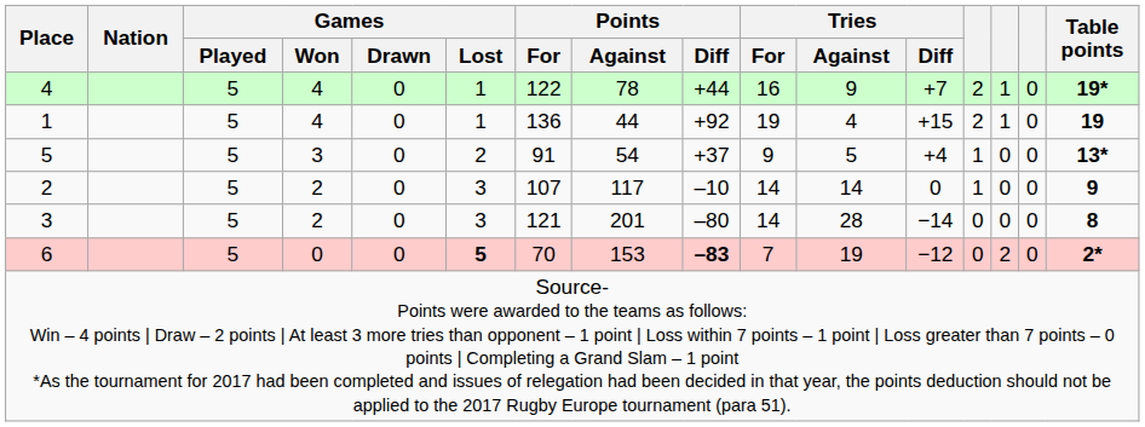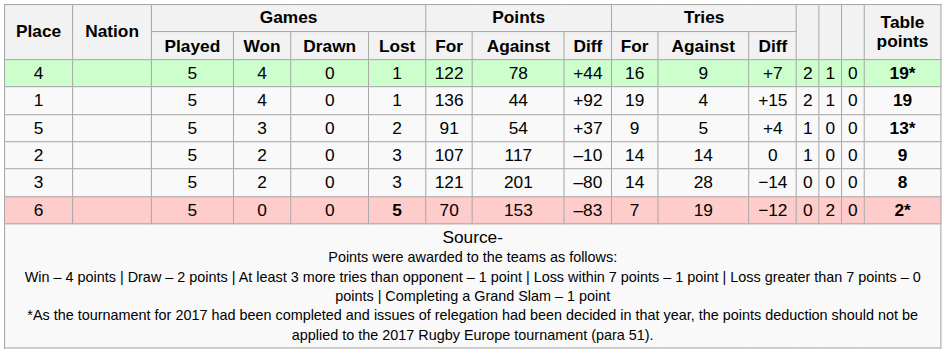 <table class="wikitable" style="text-align:center">
 <tr>
 <th rowspan="2">Place</th>
 <th rowspan="2">Nation</th>
 <th colspan="4">Games</th>
 <th colspan="3">Points</th>
 <th colspan="3">Tries</th>
 <th rowspan="2"></th>
 <th rowspan="2"></th>
 <th rowspan="2"></th>
 <th rowspan="2">Table<br>points</th>
 </tr>
 <tr>
 <th>Played</th>
 <th>Won</th>
 <th>Drawn</th>
 <th>Lost</th>
 <th>For</th>
 <th>Against</th>
 <th>Diff</th>
 <th>For</th>
 <th>Against</th>
 <th>Diff</th>
 </tr>
 <tr bgcolor=#ccffcc>
 <td>4</td>
 <td align=left></td>
 <td>5</td>
 <td>4</td>
 <td>0</td>
 <td>1</td>
 <td>122</td>
 <td>78</td>
 <td>+44</td>
 <td>16</td>
 <td>9</td>
 <td>+7</td>
 <td>2</td>
 <td>1</td>
 <td>0</td>
 <td><strong>19*</strong></td>
 </tr>
 <tr>
 <td>1</td>
 <td align=left></td>
 <td>5</td>
 <td>4</td>
 <td>0</td>
 <td>1</td>
 <td>136</td>
 <td>44</td>
 <td>+92</td>
 <td>19</td>
 <td>4</td>
 <td>+15</td>
 <td>2</td>
 <td>1</td>
 <td>0</td>
 <td><strong>19</strong></td>
 </tr>
 <tr>
 <td>5</td>
 <td align=left></td>
 <td>5</td>
 <td>3</td>
 <td>0</td>
 <td>2</td>
 <td>91</td>
 <td>54</td>
 <td>+37</td>
 <td>9</td>
 <td>5</td>
 <td>+4</td>
 <td>1</td>
 <td>0</td>
 <td>0</td>
 <td><strong>13*</strong></td>
 </tr>
 <tr>
 <td>2</td>
 <td align=left></td>
 <td>5</td>
 <td>2</td>
 <td>0</td>
 <td>3</td>
 <td>107</td>
 <td>117</td>
 <td>–10</td>
 <td>14</td>
 <td>14</td>
 <td>0</td>
 <td>1</td>
 <td>0</td>
 <td>0</td>
 <td><strong>9</strong></td>
 </tr>
 <tr>
 <td>3</td>
 <td align=left></td>
 <td>5</td>
 <td>2</td>
 <td>0</td>
 <td>3</td>
 <td>121</td>
 <td>201</td>
 <td>–80</td>
 <td>14</td>
 <td>28</td>
 <td>−14</td>
 <td>0</td>
 <td>0</td>
 <td>0</td>
 <td><strong>8</strong></td>
 </tr>
 <tr bgcolor="#ffcccc">
 <td>6</td>
 <td align=left></td>
 <td>5</td>
 <td>0</td>
 <td>0</td>
 <td><strong>5</strong></td>
 <td>70</td>
 <td>153</td>
-<td><strong>–83</strong></td>
+<td>–83</td>
 <td>7</td>
 <td>19</td>
 <td>−12</td>
 <td>0</td>
 <td>2</td>
 <td>0</td>
 <td><strong>2*</strong></td>
 </tr>
 <tr>
 <td colspan="100%" style="text-align:center">Source- <br><small>Points were awarded to the teams as follows:<br>Win – 4 points | Draw – 2 points | At least 3 more tries than opponent – 1 point | Loss within 7 points – 1 point | Loss greater than 7 points – 0 points | Completing a Grand Slam – 1 point<br> *As the tournament for 2017 had been completed and issues of relegation had been decided in that year, the points deduction should not be applied to the 2017 Rugby Europe tournament (para 51).</small><br></td>
 </tr>
 </table>
